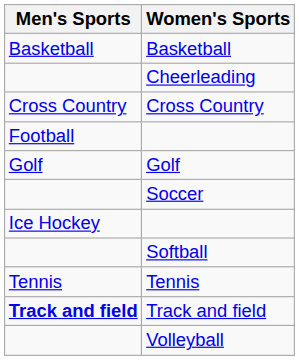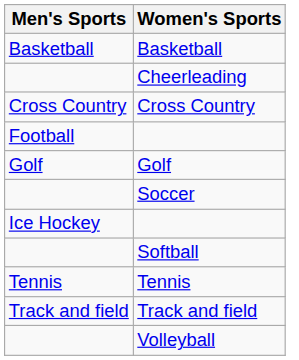 <table class="wikitable">
 <tr>
 <th>Men's Sports</th>
 <th>Women's Sports</th>
 </tr>
 <tr>
 <td><a href='#'>Basketball</a></td>
 <td><a href='#'>Basketball</a></td>
 </tr>
 <tr>
 <td></td>
 <td><a href='#'>Cheerleading</a></td>
 </tr>
 <tr>
 <td><a href='#'>Cross Country</a></td>
 <td><a href='#'>Cross Country</a></td>
 </tr>
 <tr>
 <td><a href='#'>Football</a></td>
 <td></td>
 </tr>
 <tr>
 <td><a href='#'>Golf</a></td>
 <td><a href='#'>Golf</a></td>
 </tr>
 <tr>
 <td></td>
 <td><a href='#'>Soccer</a></td>
 </tr>
 <tr>
 <td><a href='#'>Ice Hockey</a></td>
 <td></td>
 </tr>
 <tr>
 <td></td>
 <td><a href='#'>Softball</a></td>
 </tr>
 <tr>
 <td><a href='#'>Tennis</a></td>
 <td><a href='#'>Tennis</a></td>
 </tr>
 <tr>
-<td><strong><a href='#'>Track and field</a></strong></td>
+<td><a href='#'>Track and field</a></td>
 <td><a href='#'>Track and field</a></td>
 </tr>
 <tr>
 <td></td>
 <td><a href='#'>Volleyball</a></td>
 </tr>
 </table>
